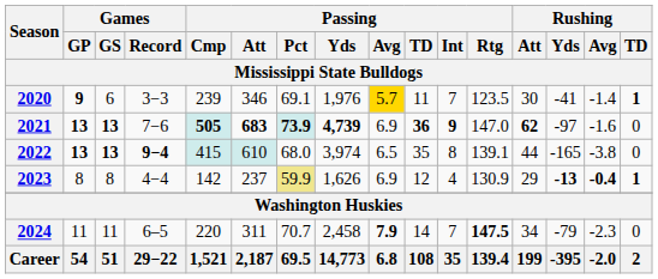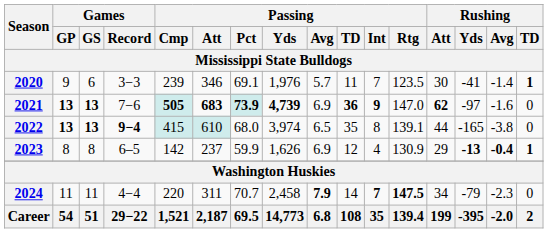 <table class="wikitable" style="text-align:center;">
 <tr>
 <th rowspan="2">Season</th>
 <th colspan="3">Games</th>
 <th colspan="8">Passing</th>
 <th colspan="4">Rushing</th>
 </tr>
 <tr>
 <th>GP</th>
 <th>GS</th>
 <th>Record</th>
 <th>Cmp</th>
 <th>Att</th>
 <th>Pct</th>
 <th>Yds</th>
 <th>Avg</th>
 <th>TD</th>
 <th>Int</th>
 <th>Rtg</th>
 <th>Att</th>
 <th>Yds</th>
 <th>Avg</th>
 <th>TD</th>
 </tr>
 <tr>
 <th colspan="16">Mississippi State Bulldogs</th>
 </tr>
 <tr>
 <th><a href='#'>2020</a></th>
-<td><strong>9</strong></td>
+<td>9</td>
 <td>6</td>
 <td>3−3</td>
 <td>239</td>
 <td>346</td>
 <td>69.1</td>
 <td>1,976</td>
-<td style="background: gold;">5.7</td>
+<td>5.7</td>
 <td>11</td>
 <td>7</td>
 <td>123.5</td>
 <td>30</td>
 <td>-41</td>
 <td>-1.4</td>
 <td><strong>1</strong></td>
 </tr>
 <tr>
 <th><a href='#'>2021</a></th>
 <td><strong>13</strong></td>
 <td><strong>13</strong></td>
 <td>7−6</td>
 <td style="background:#cfecec;"><strong>505</strong></td>
 <td><strong>683</strong></td>
 <td style="background:#cfecec;"><strong>73.9</strong></td>
 <td><strong>4,739</strong></td>
 <td>6.9</td>
 <td><strong>36</strong></td>
 <td><strong>9</strong></td>
 <td>147.0</td>
 <td><strong>62</strong></td>
 <td>-97</td>
 <td>-1.6</td>
 <td>0</td>
 </tr>
 <tr>
 <th><a href='#'>2022</a></th>
 <td><strong>13</strong></td>
 <td><strong>13</strong></td>
 <td><strong>9−4</strong></td>
 <td style="background:#cfecec;">415</td>
 <td style="background:#cfecec;">610</td>
 <td>68.0</td>
 <td>3,974</td>
 <td>6.5</td>
 <td>35</td>
 <td>8</td>
 <td>139.1</td>
 <td>44</td>
 <td>-165</td>
 <td>-3.8</td>
 <td>0</td>
 </tr>
 <tr>
 <th><a href='#'>2023</a></th>
 <td>8</td>
 <td>8</td>
-<td>4−4</td>
+<td>6–5</td>
 <td>142</td>
 <td>237</td>
-<td style="background: khaki;">59.9</td>
+<td>59.9</td>
 <td>1,626</td>
 <td>6.9</td>
 <td>12</td>
 <td>4</td>
 <td>130.9</td>
 <td>29</td>
 <td><strong>-13</strong></td>
 <td><strong>-0.4</strong></td>
 <td><strong>1</strong></td>
 </tr>
 <tr>
 </tr>
 <tr>
 <th colspan="16">Washington Huskies</th>
 </tr>
 <tr>
 <th><a href='#'>2024</a></th>
 <td>11</td>
 <td>11</td>
-<td>6–5</td>
+<td>4−4</td>
 <td>220</td>
 <td>311</td>
 <td>70.7</td>
 <td>2,458</td>
 <td><strong>7.9</strong></td>
 <td>14</td>
-<td>7</td>
+<td><strong>7</strong></td>
 <td><strong>147.5</strong></td>
 <td>34</td>
 <td>-79</td>
 <td>-2.3</td>
 <td>0</td>
 </tr>
 <tr>
 <th>Career</th>
 <th>54</th>
 <th>51</th>
 <th>29−22</th>
 <th>1,521</th>
 <th>2,187</th>
 <th>69.5</th>
 <th>14,773</th>
 <th>6.8</th>
 <th>108</th>
 <th>35</th>
 <th>139.4</th>
 <th>199</th>
 <th>-395</th>
 <th>-2.0</th>
 <th>2</th>
 </tr>
 </table>
